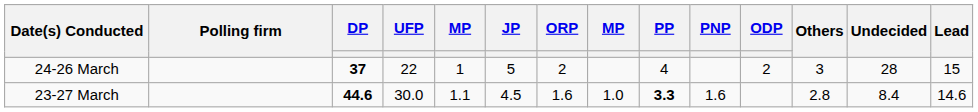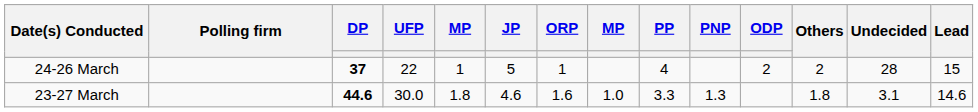 <table class="wikitable sortable" style="text-align:center; font-size:85%; line-height:16px; margin:0;">
 <tr style="height:42px; background-color:#E9E9E9; border 1px solid #aaaaaa;">
 <th style="width:125px;" rowspan="2">Date(s) Conducted</th>
 <th style="width:160px;" rowspan="2">Polling firm</th>
 <th class="unsortable" style="width:40px;"><a href='#'>DP</a></th>
 <th class="unsortable" style="width:40px;"><a href='#'>UFP</a></th>
 <th class="unsortable" style="width:40px;"><a href='#'>MP</a></th>
 <th class="unsortable" style="width:40px;"><a href='#'>JP</a></th>
 <th class="unsortable" style="width:40px;"><a href='#'>ORP</a></th>
 <th class="unsortable" style="width:40px;"><a href='#'>MP</a></th>
 <th class="unsortable" style="width:40px;"><a href='#'>PP</a></th>
 <th class="unsortable" style="width:40px;"><a href='#'>PNP</a></th>
 <th class="unsortable" style="width:40px;"><a href='#'>ODP</a></th>
 <th style="width:30px;" rowspan="2" class="unsortable">Others</th>
 <th style="width:30px;" rowspan="2" class="unsortable">Undecided</th>
 <th style="width:30px;" rowspan="2" class="unsortable">Lead</th>
 </tr>
 <tr>
 <th style="background:"></th>
 <th style="background:"></th>
 <th style="background:"></th>
 <th style="background:"></th>
 <th style="background:"></th>
 <th style="background:"></th>
 <th style="background:"></th>
 <th style="background:"></th>
 <th style="background:"></th>
 </tr>
 <tr>
 <td data-sort-value="2020-03-27">24-26 March</td>
 <td></td>
 <td><strong>37</strong></td>
 <td>22</td>
 <td>1</td>
 <td>5</td>
-<td>2</td>
+<td>1</td>
 <td></td>
 <td>4</td>
 <td></td>
 <td>2</td>
-<td>3</td>
+<td>2</td>
 <td>28</td>
 <td style="background:">15</td>
 </tr>
 <tr>
 <td data-sort-value="2020-03-30">23-27 March</td>
 <td></td>
 <td><strong>44.6</strong></td>
 <td>30.0</td>
-<td>1.1</td>
-<td>4.5</td>
+<td>1.8</td>
+<td>4.6</td>
 <td>1.6</td>
 <td>1.0</td>
-<td><strong>3.3</strong></td>
-<td>1.6</td>
+<td>3.3</td>
+<td>1.3</td>
 <td></td>
-<td>2.8</td>
-<td>8.4</td>
+<td>1.8</td>
+<td>3.1</td>
 <td style="background:">14.6</td>
 </tr>
 </table>
